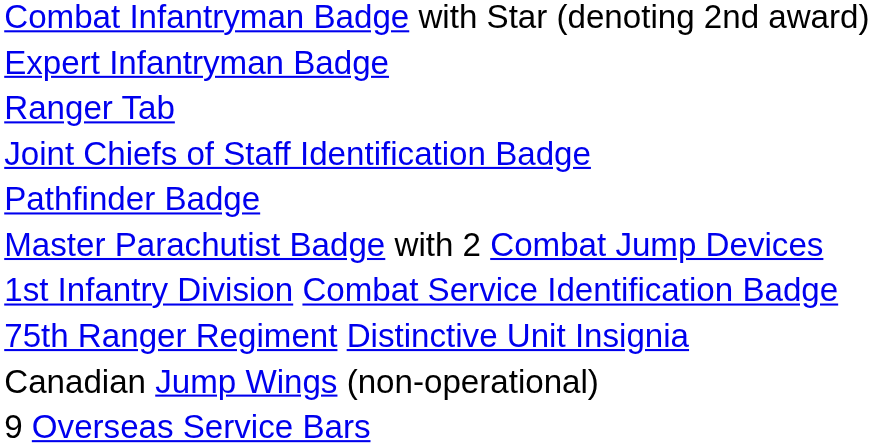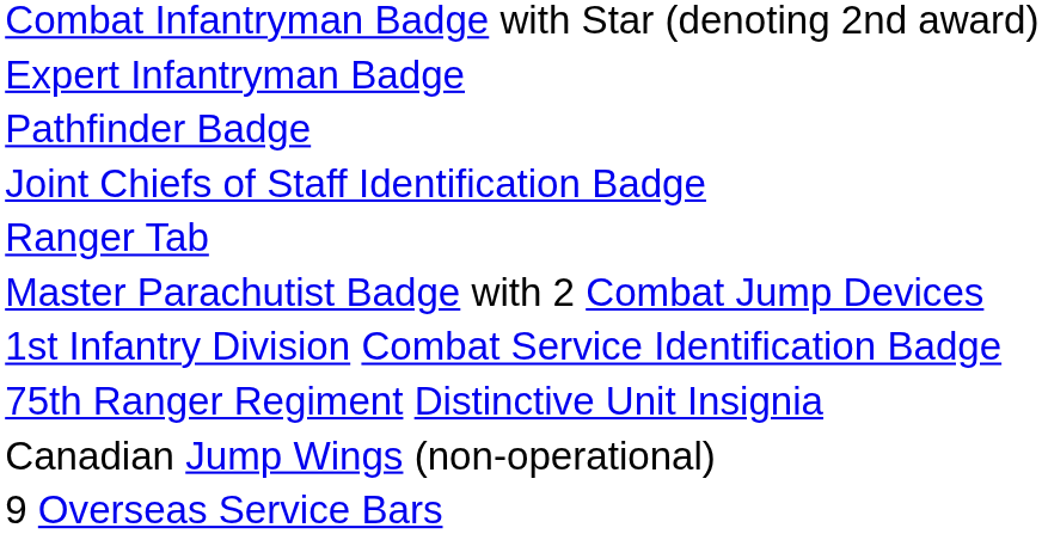 <table>
 <tr>
 <td> <a href='#'>Combat Infantryman Badge</a> with Star (denoting 2nd award)</td>
 </tr>
 <tr>
 <td> <a href='#'>Expert Infantryman Badge</a></td>
 </tr>
 <tr>
-<td> <a href='#'>Ranger Tab</a></td>
+<td> <a href='#'>Pathfinder Badge</a></td>
 </tr>
 <tr>
 <td> <a href='#'>Joint Chiefs of Staff Identification Badge</a></td>
 </tr>
 <tr>
-<td> <a href='#'>Pathfinder Badge</a></td>
+<td> <a href='#'>Ranger Tab</a></td>
 </tr>
 <tr>
 <td> <a href='#'>Master Parachutist Badge</a> with 2 <a href='#'>Combat Jump Devices</a></td>
 </tr>
 <tr>
 <td> <a href='#'>1st Infantry Division</a> <a href='#'>Combat Service Identification Badge</a></td>
 </tr>
 <tr>
 <td> <a href='#'>75th Ranger Regiment</a> <a href='#'>Distinctive Unit Insignia</a></td>
 </tr>
 <tr>
 <td> Canadian <a href='#'>Jump Wings</a> (non-operational)</td>
 </tr>
 <tr>
 <td> 9 <a href='#'>Overseas Service Bars</a></td>
 </tr>
 </table>
